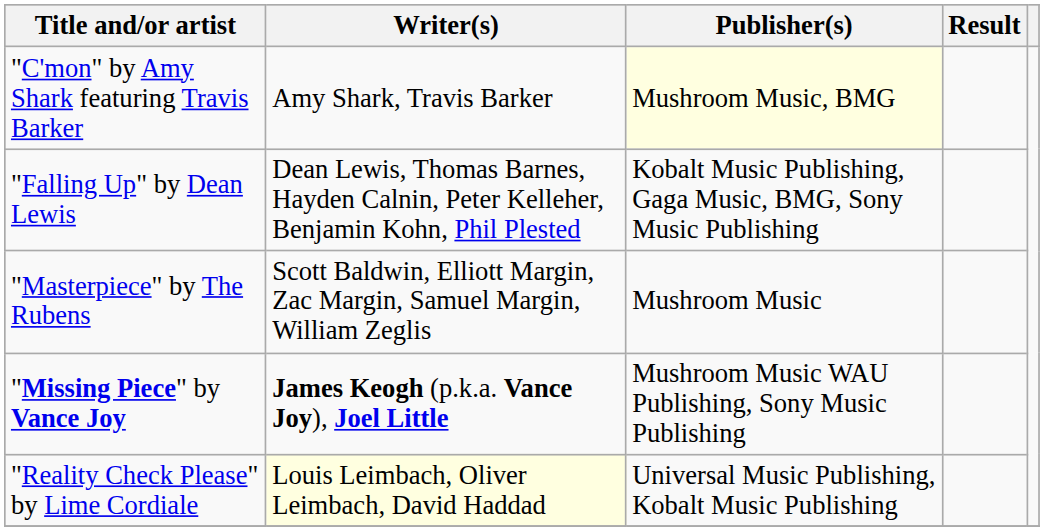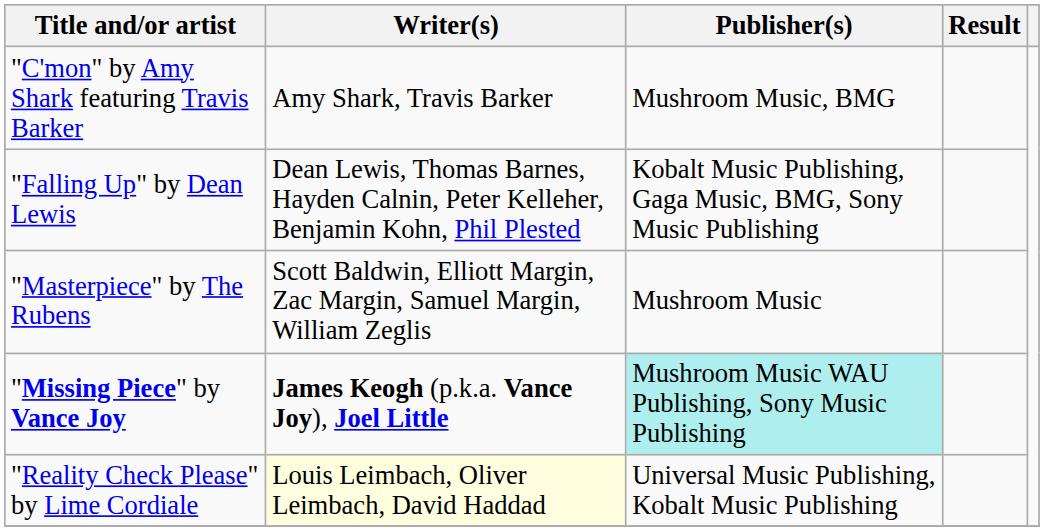 <table class="wikitable" width=100%>
 <tr>
 <th scope="col">Title and/or artist</th>
 <th scope="col">Writer(s)</th>
 <th scope="col">Publisher(s)</th>
 <th scope="col">Result</th>
 <th scope="col"></th>
 </tr>
 <tr>
 <td>"<a href='#'>C'mon</a>" by <a href='#'>Amy Shark</a> featuring <a href='#'>Travis Barker</a></td>
 <td>Amy Shark, Travis Barker</td>
-<td style="background: lightyellow;">Mushroom Music, BMG</td>
+<td>Mushroom Music, BMG</td>
 <td></td>
 <td rowspan="5"></td>
 </tr>
 <tr>
 <td>"<a href='#'>Falling Up</a>" by <a href='#'>Dean Lewis</a></td>
 <td>Dean Lewis, Thomas Barnes, Hayden Calnin, Peter Kelleher, Benjamin Kohn, <a href='#'>Phil Plested</a></td>
 <td>Kobalt Music Publishing, Gaga Music, BMG, Sony Music Publishing</td>
 <td></td>
 </tr>
 <tr>
 <td>"<a href='#'>Masterpiece</a>" by <a href='#'>The Rubens</a></td>
 <td>Scott Baldwin, Elliott Margin, Zac Margin, Samuel Margin, William Zeglis</td>
 <td>Mushroom Music</td>
 <td></td>
 </tr>
 <tr>
 <td>"<strong><a href='#'>Missing Piece</a></strong>" by <strong><a href='#'>Vance Joy</a></strong></td>
 <td><strong>James Keogh</strong> (p.k.a. <strong>Vance Joy</strong>), <strong><a href='#'>Joel Little</a></strong></td>
-<td>Mushroom Music  WAU Publishing, Sony Music Publishing</td>
+<td style="background: paleturquoise;">Mushroom Music  WAU Publishing, Sony Music Publishing</td>
 <td></td>
 </tr>
 <tr>
 <td>"<a href='#'>Reality Check Please</a>" by <a href='#'>Lime Cordiale</a></td>
 <td style="background: lightyellow;">Louis Leimbach, Oliver Leimbach, David Haddad</td>
 <td>Universal Music Publishing, Kobalt Music Publishing</td>
 <td></td>
 </tr>
 <tr>
 </tr>
 </table>
